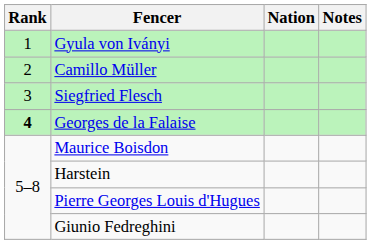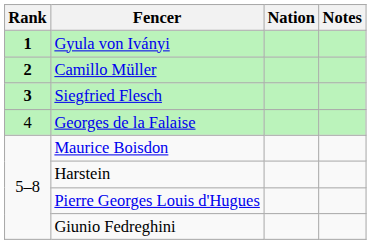 <table class="wikitable sortable" style="text-align:center">
 <tr>
 <th>Rank</th>
 <th>Fencer</th>
 <th>Nation</th>
 <th>Notes</th>
 </tr>
 <tr bgcolor=bbf3bb>
-<td>1</td>
+<td><strong>1</strong></td>
 <td align=left><a href='#'>Gyula von Iványi</a></td>
 <td align=left></td>
 <td></td>
 </tr>
 <tr bgcolor=bbf3bb>
-<td>2</td>
+<td><strong>2</strong></td>
 <td align=left><a href='#'>Camillo Müller</a></td>
 <td align=left></td>
 <td></td>
 </tr>
 <tr bgcolor=bbf3bb>
-<td>3</td>
+<td><strong>3</strong></td>
 <td align=left><a href='#'>Siegfried Flesch</a></td>
 <td align=left></td>
 <td></td>
 </tr>
 <tr bgcolor=bbf3bb>
-<td><strong>4</strong></td>
+<td>4</td>
 <td align=left><a href='#'>Georges de la Falaise</a></td>
 <td align=left></td>
 <td></td>
 </tr>
 <tr>
 <td align=center rowspan=4>5–8</td>
 <td align=left><a href='#'>Maurice Boisdon</a></td>
 <td align=left></td>
 <td></td>
 </tr>
 <tr>
 <td align=left>Harstein</td>
 <td align=left></td>
 <td></td>
 </tr>
 <tr>
 <td align=left><a href='#'>Pierre Georges Louis d'Hugues</a></td>
 <td align=left></td>
 <td></td>
 </tr>
 <tr>
 <td align=left>Giunio Fedreghini</td>
 <td align=left></td>
 <td></td>
 </tr>
 </table>
